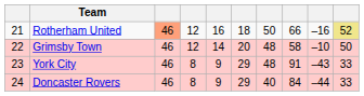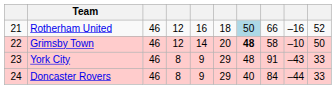 <table class="wikitable" style="text-align:center">
 <tr>
 <th width="30"></th>
 <th width="175">Team</th>
 <th width="30"></th>
 <th width="30"></th>
 <th width="30"></th>
 <th width="30"></th>
 <th width="30"></th>
 <th width="30"></th>
 <th width="30"></th>
 <th width="30"></th>
 </tr>
 <tr>
 <td>21</td>
 <td align=left><a href='#'>Rotherham United</a></td>
-<td style="background: lightsalmon;">46</td>
+<td>46</td>
 <td>12</td>
 <td>16</td>
 <td>18</td>
-<td>50</td>
+<td style="background: lightblue;">50</td>
 <td>66</td>
 <td>–16</td>
-<td style="background: khaki;">52</td>
+<td>52</td>
 </tr>
 <tr bgcolor="FFCCCC">
 <td>22</td>
 <td align=left><a href='#'>Grimsby Town</a></td>
 <td>46</td>
 <td>12</td>
 <td>14</td>
 <td>20</td>
-<td>48</td>
+<td><strong>48</strong></td>
 <td>58</td>
 <td>–10</td>
 <td>50</td>
 </tr>
 <tr bgcolor="FFCCCC">
 <td>23</td>
 <td align=left><a href='#'>York City</a></td>
 <td>46</td>
 <td>8</td>
 <td>9</td>
 <td>29</td>
 <td>48</td>
 <td>91</td>
 <td>–43</td>
 <td>33</td>
 </tr>
 <tr bgcolor="FFCCCC">
 <td>24</td>
 <td align=left><a href='#'>Doncaster Rovers</a></td>
 <td>46</td>
 <td>8</td>
 <td>9</td>
 <td>29</td>
 <td>40</td>
 <td>84</td>
 <td>–44</td>
 <td>33</td>
 </tr>
 </table>
